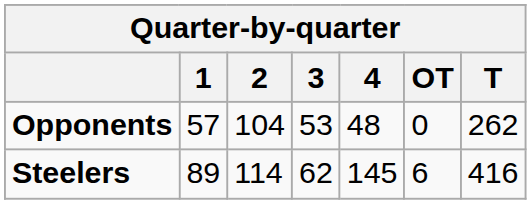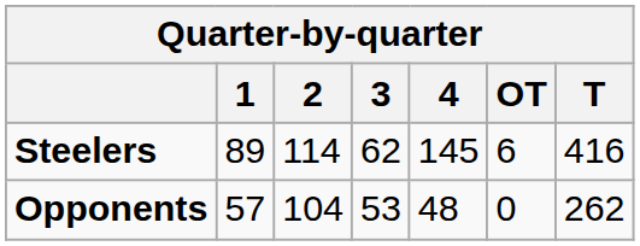 <table class="wikitable">
 <tr>
 <th colspan="7">Quarter-by-quarter</th>
 </tr>
 <tr>
 <th></th>
 <th>1</th>
 <th>2</th>
 <th>3</th>
 <th>4</th>
 <th>OT</th>
 <th>T</th>
 </tr>
 <tr>
+<td><strong>Steelers</strong></td>
+<td>89</td>
+<td>114</td>
+<td>62</td>
+<td>145</td>
+<td>6</td>
+<td>416</td>
+</tr>
+<tr>
 <td><strong>Opponents</strong></td>
 <td>57</td>
 <td>104</td>
 <td>53</td>
 <td>48</td>
 <td>0</td>
 <td>262</td>
 </tr>
-<tr>
-<td><strong>Steelers</strong></td>
-<td>89</td>
-<td>114</td>
-<td>62</td>
-<td>145</td>
-<td>6</td>
-<td>416</td>
-</tr>
 </table>
